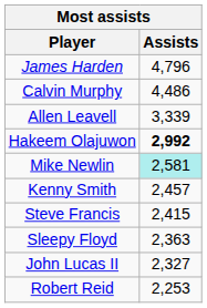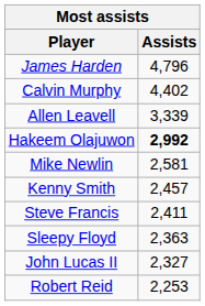 <table class="wikitable sortable" style="text-align:center">
 <tr>
 <th colspan="2" style="text-align:center; ">Most assists</th>
 </tr>
 <tr>
 <th style="text-align:center; ">Player</th>
 <th style="text-align:center; ">Assists</th>
 </tr>
 <tr>
 <td><em><a href='#'>James Harden</a></em></td>
 <td>4,796</td>
 </tr>
 <tr>
 <td><a href='#'>Calvin Murphy</a></td>
-<td>4,486</td>
+<td>4,402</td>
 </tr>
 <tr>
 <td><a href='#'>Allen Leavell</a></td>
 <td>3,339</td>
 </tr>
 <tr>
 <td><a href='#'>Hakeem Olajuwon</a></td>
 <td><strong>2,992</strong></td>
 </tr>
 <tr>
 <td><a href='#'>Mike Newlin</a></td>
-<td style="background: paleturquoise;">2,581</td>
+<td>2,581</td>
 </tr>
 <tr>
 <td><a href='#'>Kenny Smith</a></td>
 <td>2,457</td>
 </tr>
 <tr>
 <td><a href='#'>Steve Francis</a></td>
-<td>2,415</td>
+<td>2,411</td>
 </tr>
 <tr>
 <td><a href='#'>Sleepy Floyd</a></td>
 <td>2,363</td>
 </tr>
 <tr>
 <td><a href='#'>John Lucas II</a></td>
 <td>2,327</td>
 </tr>
 <tr>
 <td><a href='#'>Robert Reid</a></td>
 <td>2,253</td>
 </tr>
 </table>
